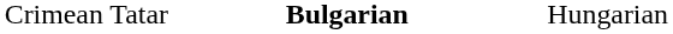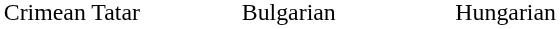 <table class="whitetable" style="text-align:center">
 <tr>
 <td width="22%"></td>
 <td width="1%"></td>
 <td width="22%"></td>
 <td width="1%"></td>
 <td width="22%"></td>
 <td width="1%"></td>
 </tr>
 <tr>
 <td>Crimean Tatar</td>
 <td></td>
-<td><strong>Bulgarian</strong></td>
+<td>Bulgarian</td>
 <td></td>
 <td>Hungarian</td>
 <td></td>
 </tr>
 </table>
